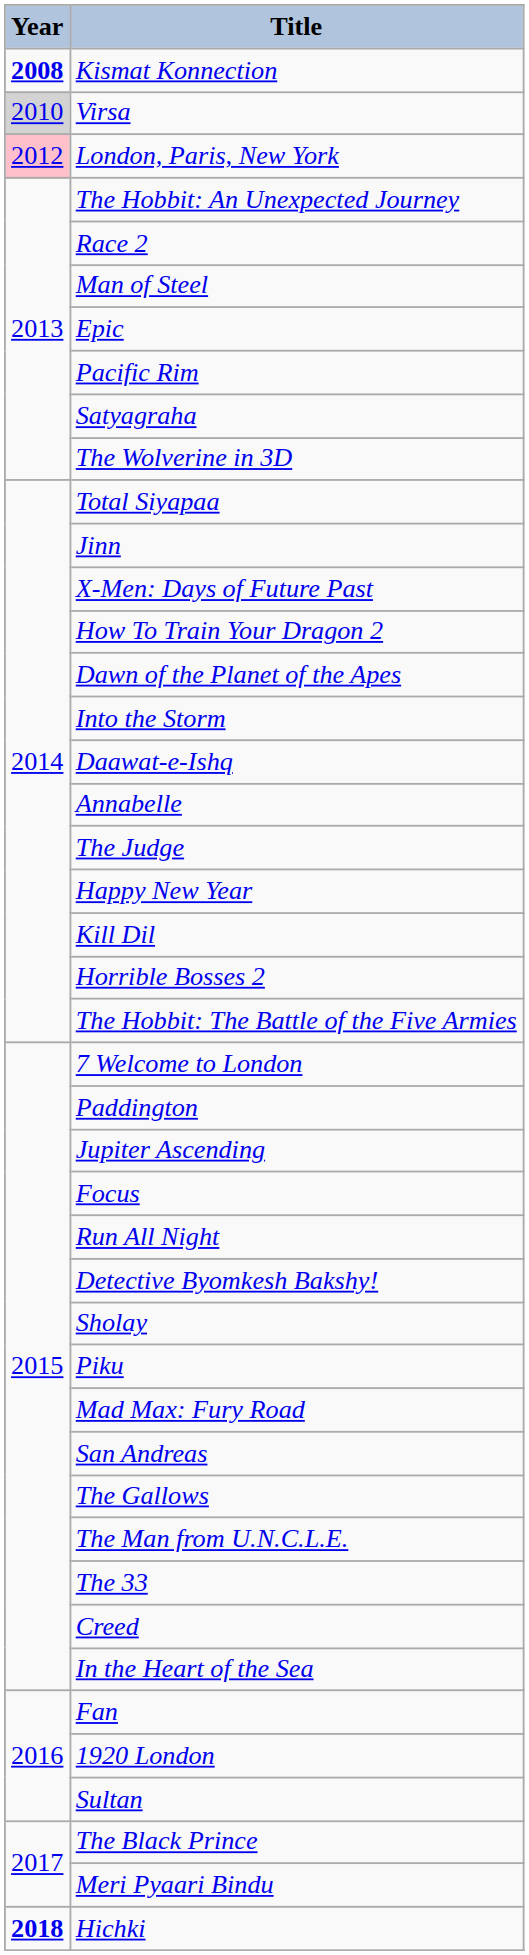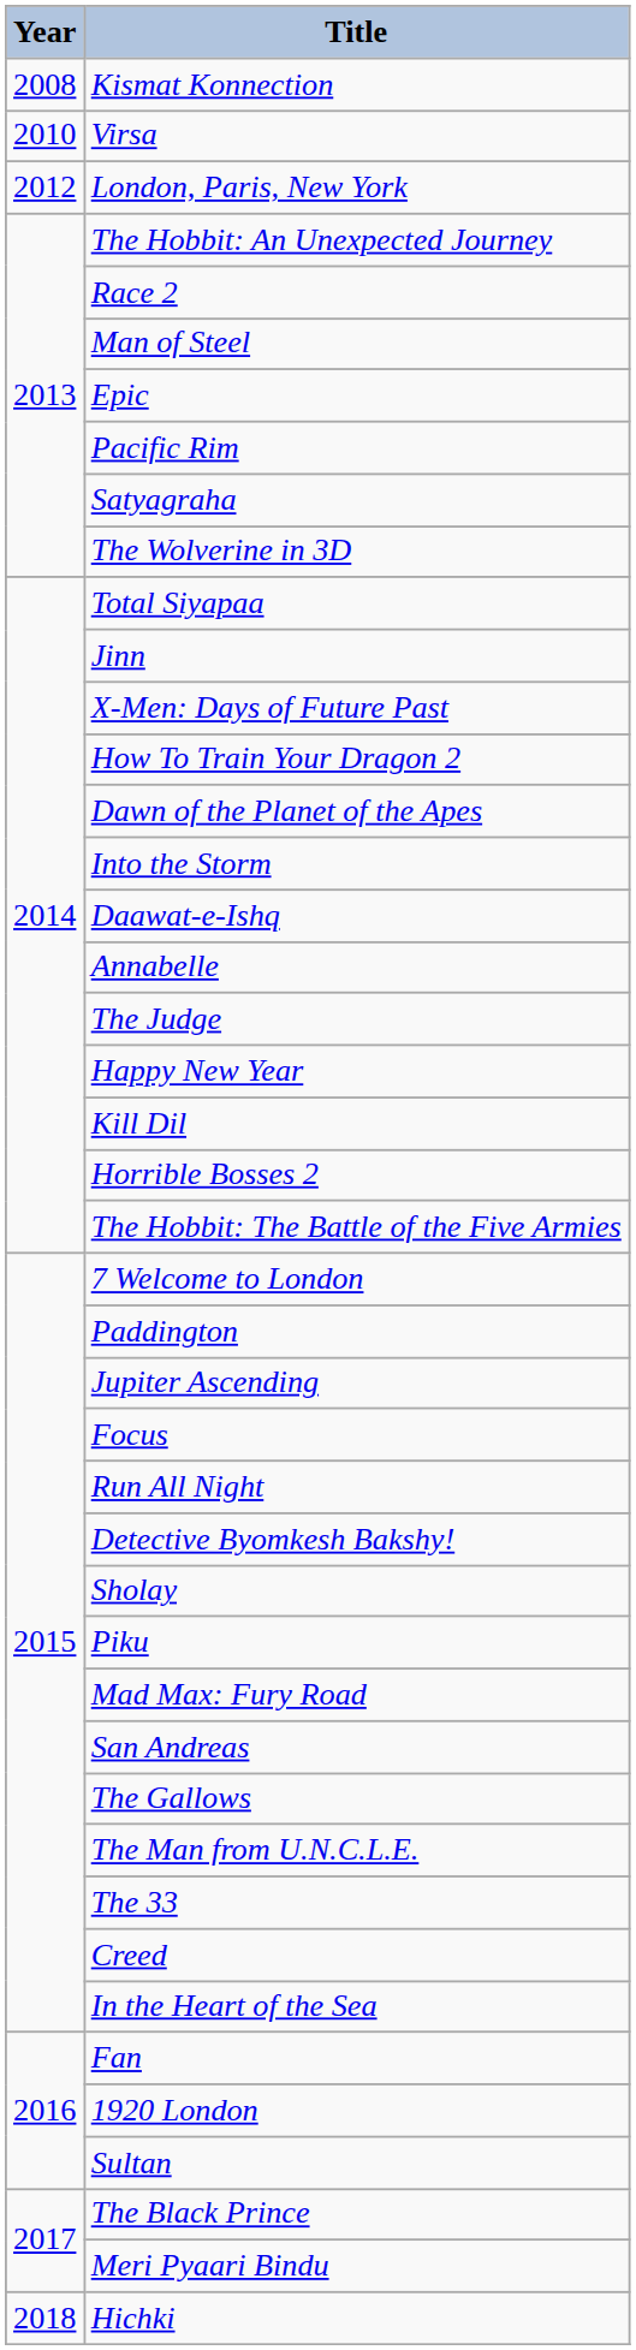 <table class="wikitable" style="font-size:90%">
 <tr style="text-align:center;">
 <th style="text-align:center; background:#b0c4de">Year</th>
 <th style="text-align:center; background:#b0c4de">Title</th>
 </tr>
 <tr>
-<td><strong><a href='#'>2008</a></strong></td>
+<td><a href='#'>2008</a></td>
 <td><em><a href='#'>Kismat Konnection</a></em></td>
 </tr>
 <tr>
-<td style="background: lightgrey;"><a href='#'>2010</a></td>
+<td><a href='#'>2010</a></td>
 <td><em><a href='#'>Virsa</a></em></td>
 </tr>
 <tr>
-<td style="background: pink;"><a href='#'>2012</a></td>
+<td><a href='#'>2012</a></td>
 <td><em><a href='#'>London, Paris, New York</a></em></td>
 </tr>
 <tr>
 <td rowspan="7"><a href='#'>2013</a></td>
 <td><em><a href='#'>The Hobbit: An Unexpected Journey</a></em></td>
 </tr>
 <tr>
 <td><em><a href='#'>Race 2</a></em></td>
 </tr>
 <tr>
 <td><em><a href='#'>Man of Steel</a></em></td>
 </tr>
 <tr>
 <td><em><a href='#'>Epic</a></em></td>
 </tr>
 <tr>
 <td><em><a href='#'>Pacific Rim</a></em></td>
 </tr>
 <tr>
 <td><em><a href='#'>Satyagraha</a></em></td>
 </tr>
 <tr>
 <td><em><a href='#'>The Wolverine in 3D</a></em></td>
 </tr>
 <tr>
 <td rowspan="13"><a href='#'>2014</a></td>
 <td><em><a href='#'>Total Siyapaa</a></em></td>
 </tr>
 <tr>
 <td><em><a href='#'>Jinn</a></em></td>
 </tr>
 <tr>
 <td><em><a href='#'>X-Men: Days of Future Past</a></em></td>
 </tr>
 <tr>
 <td><em><a href='#'>How To Train Your Dragon 2</a></em></td>
 </tr>
 <tr>
 <td><em><a href='#'>Dawn of the Planet of the Apes</a></em></td>
 </tr>
 <tr>
 <td><em><a href='#'>Into the Storm</a></em></td>
 </tr>
 <tr>
 <td><em><a href='#'>Daawat-e-Ishq</a></em></td>
 </tr>
 <tr>
 <td><em><a href='#'>Annabelle</a></em></td>
 </tr>
 <tr>
 <td><em><a href='#'>The Judge</a></em></td>
 </tr>
 <tr>
 <td><em><a href='#'>Happy New Year</a></em></td>
 </tr>
 <tr>
 <td><em><a href='#'>Kill Dil</a></em></td>
 </tr>
 <tr>
 <td><em><a href='#'>Horrible Bosses 2</a></em></td>
 </tr>
 <tr>
 <td><em><a href='#'>The Hobbit: The Battle of the Five Armies</a></em></td>
 </tr>
 <tr>
 <td rowspan="15"><a href='#'>2015</a></td>
 <td><em><a href='#'>7 Welcome to London</a></em></td>
 </tr>
 <tr>
 <td><em><a href='#'>Paddington</a></em></td>
 </tr>
 <tr>
 <td><em><a href='#'>Jupiter Ascending</a></em></td>
 </tr>
 <tr>
 <td><em><a href='#'>Focus</a></em></td>
 </tr>
 <tr>
 <td><em><a href='#'>Run All Night</a></em></td>
 </tr>
 <tr>
 <td><em><a href='#'>Detective Byomkesh Bakshy!</a></em></td>
 </tr>
 <tr>
 <td><em><a href='#'>Sholay</a></em></td>
 </tr>
 <tr>
 <td><em><a href='#'>Piku</a></em></td>
 </tr>
 <tr>
 <td><em><a href='#'>Mad Max: Fury Road</a></em></td>
 </tr>
 <tr>
 <td><em><a href='#'>San Andreas</a></em></td>
 </tr>
 <tr>
 <td><em><a href='#'>The Gallows</a></em></td>
 </tr>
 <tr>
 <td><em><a href='#'>The Man from U.N.C.L.E.</a></em></td>
 </tr>
 <tr>
 <td><em><a href='#'>The 33</a></em></td>
 </tr>
 <tr>
 <td><em><a href='#'>Creed</a></em></td>
 </tr>
 <tr>
 <td><em><a href='#'>In the Heart of the Sea</a></em></td>
 </tr>
 <tr>
 <td rowspan="3"><a href='#'>2016</a></td>
 <td><em><a href='#'>Fan</a></em></td>
 </tr>
 <tr>
 <td><em><a href='#'>1920 London</a></em></td>
 </tr>
 <tr>
 <td><em><a href='#'>Sultan</a></em></td>
 </tr>
 <tr>
 <td rowspan="2"><a href='#'>2017</a></td>
 <td><em><a href='#'>The Black Prince</a></em></td>
 </tr>
 <tr>
 <td><em><a href='#'>Meri Pyaari Bindu</a></em></td>
 </tr>
 <tr>
-<td><strong><a href='#'>2018</a></strong></td>
+<td><a href='#'>2018</a></td>
 <td><em> <a href='#'>Hichki</a></em></td>
 </tr>
 <tr>
 </tr>
 </table>
